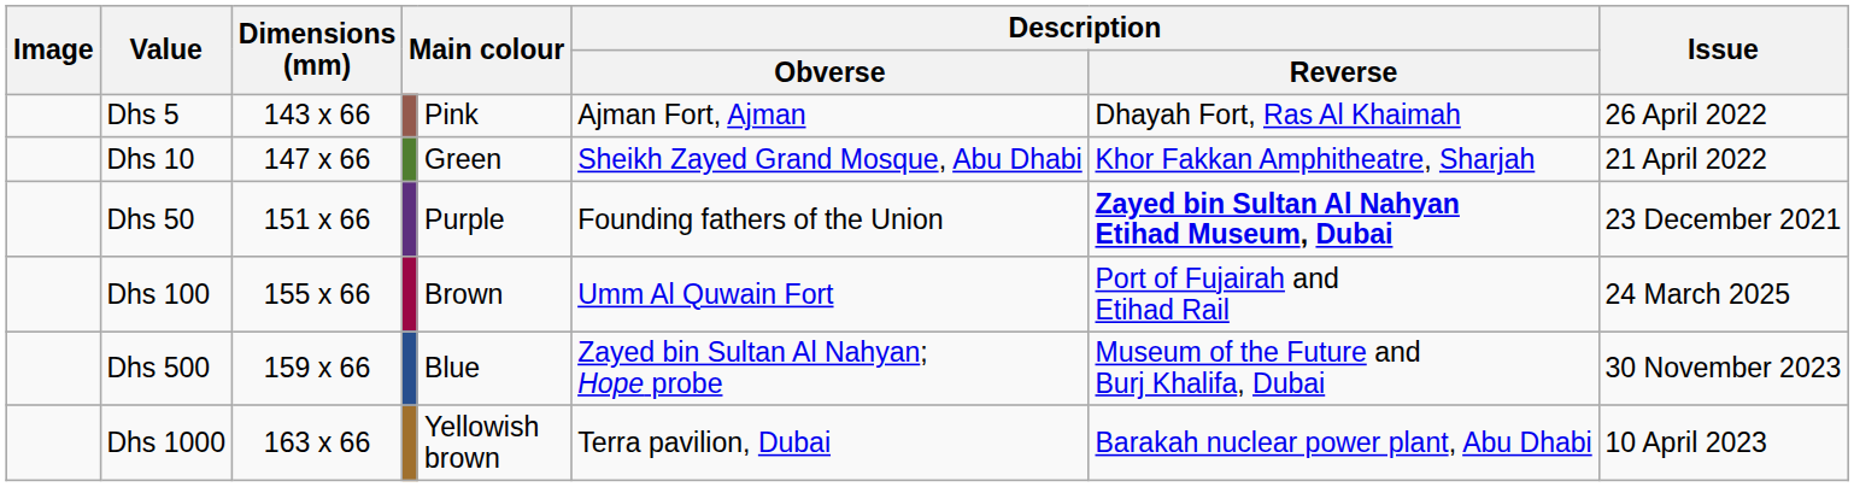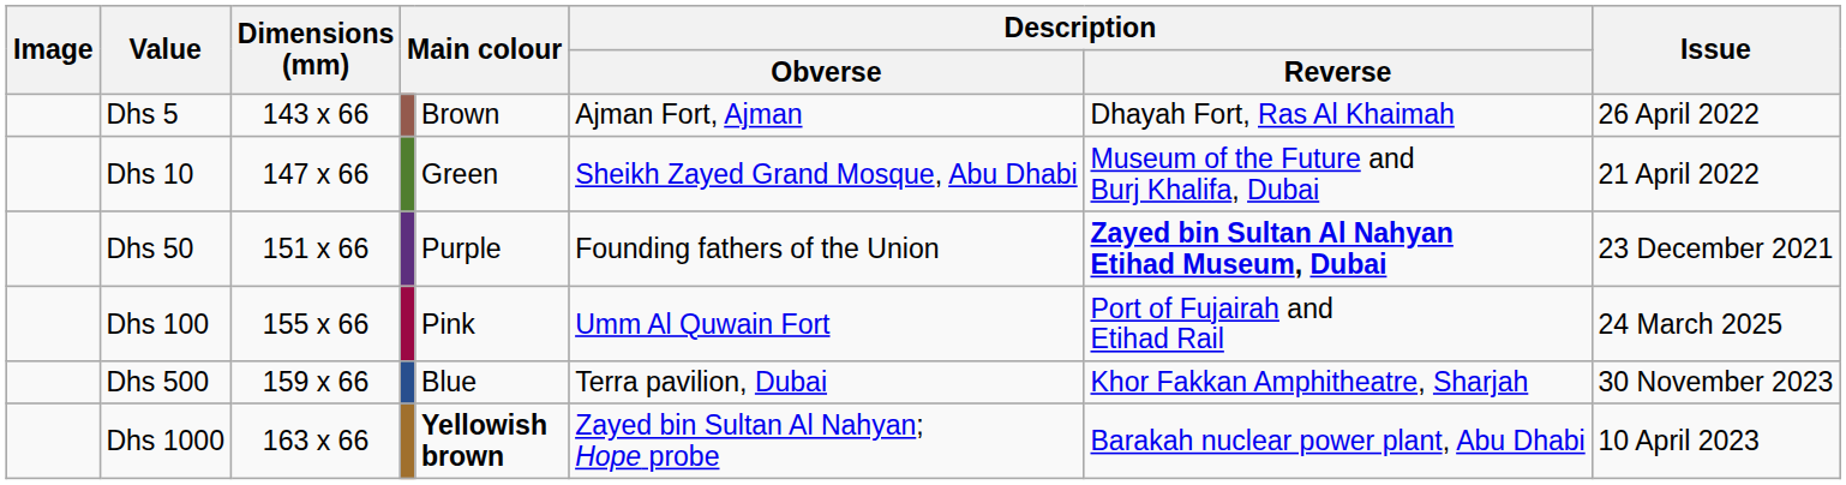 <table class="wikitable" style="margin:auto; font-size:90%; border-width:1px;">
 <tr>
 <th rowspan=2>Image</th>
 <th rowspan=2>Value</th>
 <th rowspan=2>Dimensions<br>(mm)</th>
 <th rowspan=2 colspan=2>Main colour</th>
 <th colspan=2>Description</th>
 <th rowspan=2>Issue</th>
 </tr>
 <tr>
 <th>Obverse</th>
 <th>Reverse</th>
 </tr>
 <tr>
 <td align="center"></td>
 <td>Dhs 5</td>
 <td align="center">143 x 66</td>
 <td style="background:#945a4d"></td>
-<td>Pink</td>
+<td>Brown</td>
 <td>Ajman Fort, <a href='#'>Ajman</a></td>
 <td>Dhayah Fort, <a href='#'>Ras Al Khaimah</a></td>
 <td colspan=2>26 April 2022</td>
 </tr>
 <tr>
 <td align="center"></td>
 <td>Dhs 10</td>
 <td align="center">147 x 66</td>
 <td style="background:#507e2f"></td>
 <td>Green</td>
 <td><a href='#'>Sheikh Zayed Grand Mosque</a>, <a href='#'>Abu Dhabi</a></td>
-<td><a href='#'>Khor Fakkan Amphitheatre</a>, <a href='#'>Sharjah</a></td>
+<td><a href='#'>Museum of the Future</a> and<br><a href='#'>Burj Khalifa</a>, <a href='#'>Dubai</a></td>
 <td colspan=2>21 April 2022</td>
 </tr>
 <tr>
 <td align="center"></td>
 <td>Dhs 50</td>
 <td align="center">151 x 66</td>
 <td style="background:#5d2f7e"></td>
 <td>Purple</td>
 <td>Founding fathers of the Union</td>
 <td><strong><a href='#'>Zayed bin Sultan Al Nahyan</a><br><a href='#'>Etihad Museum</a>, <a href='#'>Dubai</a></strong></td>
 <td colspan=2>23 December 2021</td>
 </tr>
 <tr>
 <td align="center"></td>
 <td>Dhs 100</td>
 <td align="center">155 x 66</td>
 <td style="background:#9B0844"></td>
-<td>Brown</td>
+<td>Pink</td>
 <td><a href='#'>Umm Al Quwain Fort</a></td>
 <td><a href='#'>Port of Fujairah</a> and<br><a href='#'>Etihad Rail</a></td>
 <td colspan=2>24 March 2025</td>
 </tr>
 <tr>
 <td align="center"></td>
 <td>Dhs 500</td>
 <td align="center">159 x 66</td>
 <td style="background:#284f8e"></td>
 <td>Blue</td>
-<td><a href='#'>Zayed bin Sultan Al Nahyan</a>;<br><a href='#'><em>Hope</em> probe</a></td>
-<td><a href='#'>Museum of the Future</a> and<br><a href='#'>Burj Khalifa</a>, <a href='#'>Dubai</a></td>
+<td>Terra pavilion, <a href='#'>Dubai</a></td>
+<td><a href='#'>Khor Fakkan Amphitheatre</a>, <a href='#'>Sharjah</a></td>
 <td colspan=2>30 November 2023</td>
 </tr>
 <tr>
 <td align="center"></td>
 <td>Dhs 1000</td>
 <td align="center">163 x 66</td>
 <td style="background:#a0702d"></td>
-<td>Yellowish<br>brown</td>
-<td>Terra pavilion, <a href='#'>Dubai</a></td>
+<td><strong>Yellowish<br>brown</strong></td>
+<td><a href='#'>Zayed bin Sultan Al Nahyan</a>;<br><a href='#'><em>Hope</em> probe</a></td>
 <td><a href='#'>Barakah nuclear power plant</a>, <a href='#'>Abu Dhabi</a></td>
 <td colspan=2>10 April 2023</td>
 </tr>
 </table>
